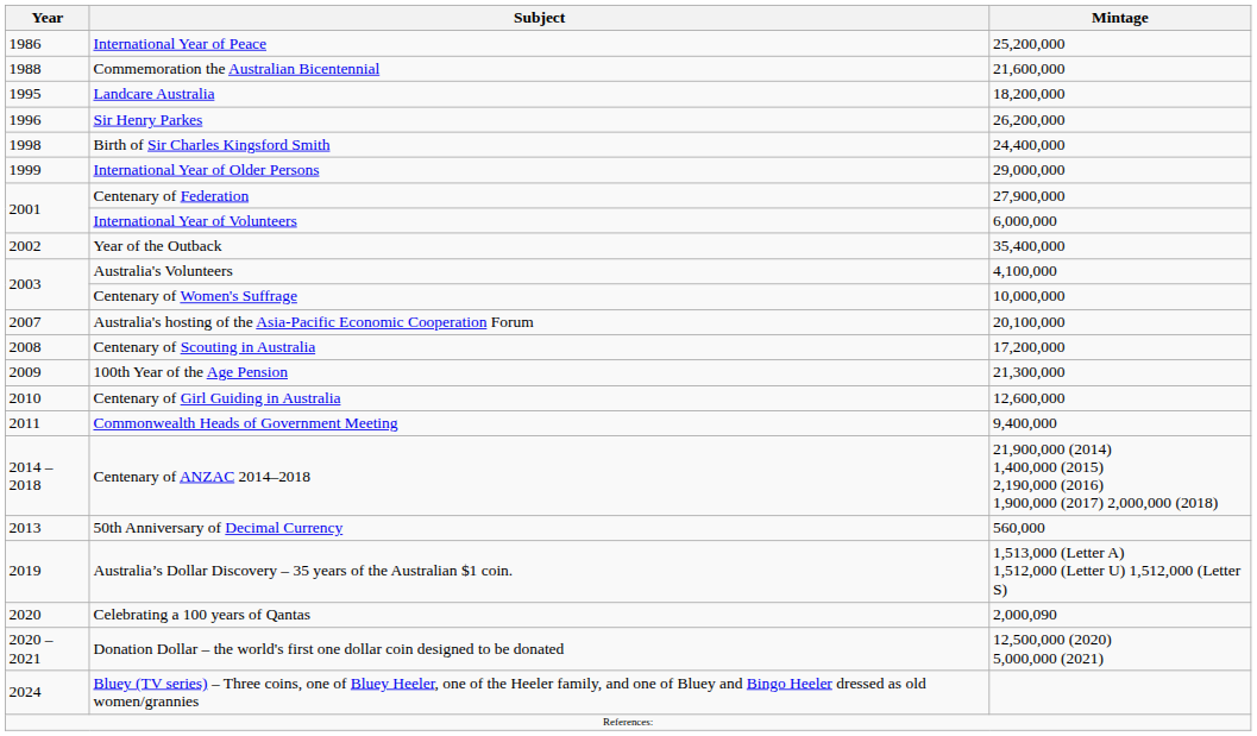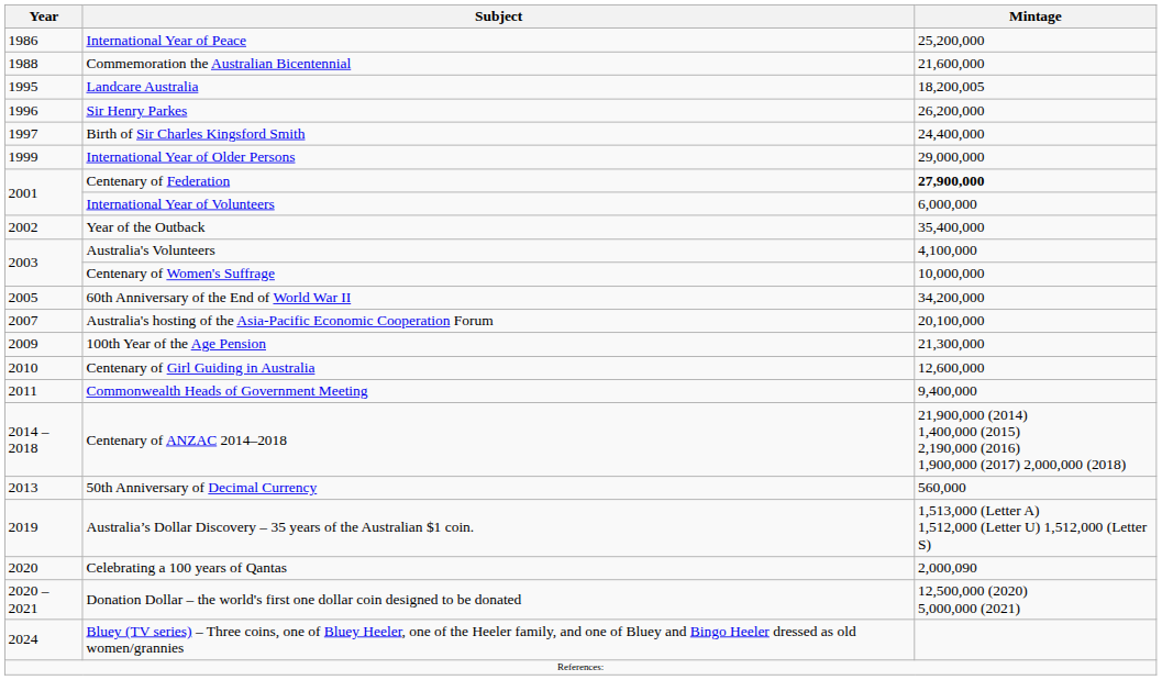 <table class="wikitable">
 <tr>
 <th>Year</th>
 <th>Subject</th>
 <th>Mintage</th>
 </tr>
 <tr>
 <td>1986</td>
 <td><a href='#'>International Year of Peace</a></td>
 <td>25,200,000</td>
 </tr>
 <tr>
 <td>1988</td>
 <td>Commemoration the <a href='#'>Australian Bicentennial</a></td>
 <td>21,600,000</td>
 </tr>
 <tr>
 <td>1995</td>
 <td><a href='#'>Landcare Australia</a></td>
-<td>18,200,000</td>
+<td>18,200,005</td>
 </tr>
 <tr>
 <td>1996</td>
 <td><a href='#'>Sir Henry Parkes</a></td>
 <td>26,200,000</td>
 </tr>
 <tr>
-<td>1998</td>
+<td>1997</td>
 <td>Birth of <a href='#'>Sir Charles Kingsford Smith</a></td>
 <td>24,400,000</td>
 </tr>
 <tr>
 <td>1999</td>
 <td><a href='#'>International Year of Older Persons</a></td>
 <td>29,000,000</td>
 </tr>
 <tr>
 <td rowspan="2">2001</td>
 <td>Centenary of <a href='#'>Federation</a></td>
-<td>27,900,000</td>
+<td><strong>27,900,000</strong></td>
 </tr>
 <tr>
 <td><a href='#'>International Year of Volunteers</a></td>
 <td>6,000,000</td>
 </tr>
 <tr>
 <td>2002</td>
 <td>Year of the Outback</td>
 <td>35,400,000</td>
 </tr>
 <tr>
 <td rowspan="2">2003</td>
 <td>Australia's Volunteers</td>
 <td>4,100,000</td>
 </tr>
 <tr>
 <td>Centenary of <a href='#'>Women's Suffrage</a></td>
 <td>10,000,000</td>
 </tr>
 <tr>
+<td>2005</td>
+<td>60th Anniversary of the End of <a href='#'>World War II</a></td>
+<td>34,200,000</td>
+</tr>
+<tr>
 <td>2007</td>
 <td>Australia's hosting of the <a href='#'>Asia-Pacific Economic Cooperation</a> Forum</td>
 <td>20,100,000</td>
-</tr>
-<tr>
-<td>2008</td>
-<td>Centenary of <a href='#'>Scouting in Australia</a></td>
-<td>17,200,000</td>
 </tr>
 <tr>
 <td>2009</td>
 <td>100th Year of the <a href='#'>Age Pension</a></td>
 <td>21,300,000</td>
 </tr>
 <tr>
 <td>2010</td>
 <td>Centenary of <a href='#'>Girl Guiding in Australia</a></td>
 <td>12,600,000</td>
 </tr>
 <tr>
 <td>2011</td>
 <td><a href='#'>Commonwealth Heads of Government Meeting</a></td>
 <td>9,400,000</td>
 </tr>
 <tr>
 <td>2014 –<br>2018</td>
 <td>Centenary of <a href='#'>ANZAC</a> 2014–2018</td>
 <td>21,900,000 (2014)<br>1,400,000 (2015)<br>2,190,000 (2016)<br>1,900,000 (2017) 2,000,000 (2018)</td>
 </tr>
 <tr>
 <td>2013</td>
 <td>50th Anniversary of <a href='#'>Decimal Currency</a></td>
 <td>560,000</td>
 </tr>
 <tr>
 <td>2019</td>
 <td>Australia’s Dollar Discovery – 35 years of the Australian $1 coin.</td>
 <td>1,513,000 (Letter A)<br>1,512,000 (Letter U) 1,512,000 (Letter S)</td>
 </tr>
 <tr>
 <td>2020</td>
 <td>Celebrating a 100 years of Qantas</td>
 <td>2,000,090</td>
 </tr>
 <tr>
 <td>2020 – 2021</td>
 <td>Donation Dollar – the world's first one dollar coin designed to be donated</td>
 <td>12,500,000 (2020)<br>5,000,000 (2021)</td>
 </tr>
 <tr>
 <td>2024</td>
 <td><a href='#'>Bluey (TV series)</a> – Three coins, one of <a href='#'>Bluey Heeler</a>, one of the Heeler family, and one of Bluey and <a href='#'>Bingo Heeler</a> dressed as old women/grannies</td>
 <td></td>
 </tr>
 <tr>
 <td colspan="3" style="text-align:center; font-size:8pt;" align="center">References:</td>
 </tr>
 </table>
